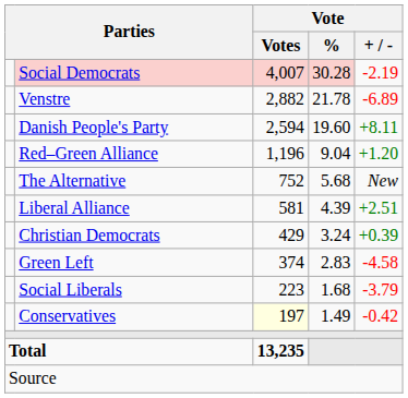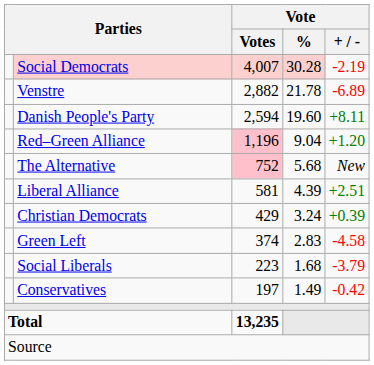 <table class="wikitable" style="text-align:right;">
 <tr>
 <th style="text-align:centre;" rowspan="2" colspan="2" width="225">Parties</th>
 <th colspan="3">Vote</th>
 </tr>
 <tr>
 <th width="15">Votes</th>
 <th width="15">%</th>
 <th width="15">+ / -</th>
 </tr>
 <tr>
 <td width="2" style="color:inherit;background:"></td>
 <td bgcolor=#fbd0ce  align="left"><a href='#'>Social Democrats</a></td>
 <td bgcolor=#fbd0ce>4,007</td>
 <td bgcolor=#fbd0ce>30.28</td>
 <td style=color:red;>-2.19</td>
 </tr>
 <tr>
 <td width="2" style="color:inherit;background:"></td>
 <td align="left"><a href='#'>Venstre</a></td>
 <td>2,882</td>
 <td>21.78</td>
 <td style=color:red;>-6.89</td>
 </tr>
 <tr>
 <td width="2" style="color:inherit;background:"></td>
 <td align="left"><a href='#'>Danish People's Party</a></td>
 <td>2,594</td>
 <td>19.60</td>
 <td style=color:green;>+8.11</td>
 </tr>
 <tr>
 <td width="2" style="color:inherit;background:"></td>
 <td align="left"><a href='#'>Red–Green Alliance</a></td>
-<td>1,196</td>
+<td style="background: pink;">1,196</td>
 <td>9.04</td>
 <td style=color:green;>+1.20</td>
 </tr>
 <tr>
 <td width="2" style="color:inherit;background:"></td>
 <td align="left"><a href='#'>The Alternative</a></td>
-<td>752</td>
+<td style="background: pink;">752</td>
 <td>5.68</td>
 <td><em>New</em></td>
 </tr>
 <tr>
 <td width="2" style="color:inherit;background:"></td>
 <td align="left"><a href='#'>Liberal Alliance</a></td>
 <td>581</td>
 <td>4.39</td>
 <td style=color:green;>+2.51</td>
 </tr>
 <tr>
 <td width="2" style="color:inherit;background:"></td>
 <td align="left"><a href='#'>Christian Democrats</a></td>
 <td>429</td>
 <td>3.24</td>
 <td style=color:green;>+0.39</td>
 </tr>
 <tr>
 <td width="2" style="color:inherit;background:"></td>
 <td align="left"><a href='#'>Green Left</a></td>
 <td>374</td>
 <td>2.83</td>
 <td style=color:red;>-4.58</td>
 </tr>
 <tr>
 <td width="2" style="color:inherit;background:"></td>
 <td align="left"><a href='#'>Social Liberals</a></td>
 <td>223</td>
 <td>1.68</td>
 <td style=color:red;>-3.79</td>
 </tr>
 <tr>
 <td width="2" style="color:inherit;background:"></td>
 <td align="left"><a href='#'>Conservatives</a></td>
-<td style="background: lightyellow;">197</td>
+<td>197</td>
 <td>1.49</td>
 <td style=color:red;>-0.42</td>
 </tr>
 <tr>
 <td colspan="7" bgcolor="#E9E9E9"></td>
 </tr>
 <tr>
 <td align="left" colspan="2"><strong>Total</strong></td>
 <td><strong>13,235</strong></td>
 <td bgcolor="#E9E9E9" colspan="2"></td>
 </tr>
 <tr>
 <td align="left" colspan="6">Source</td>
 </tr>
 </table>
